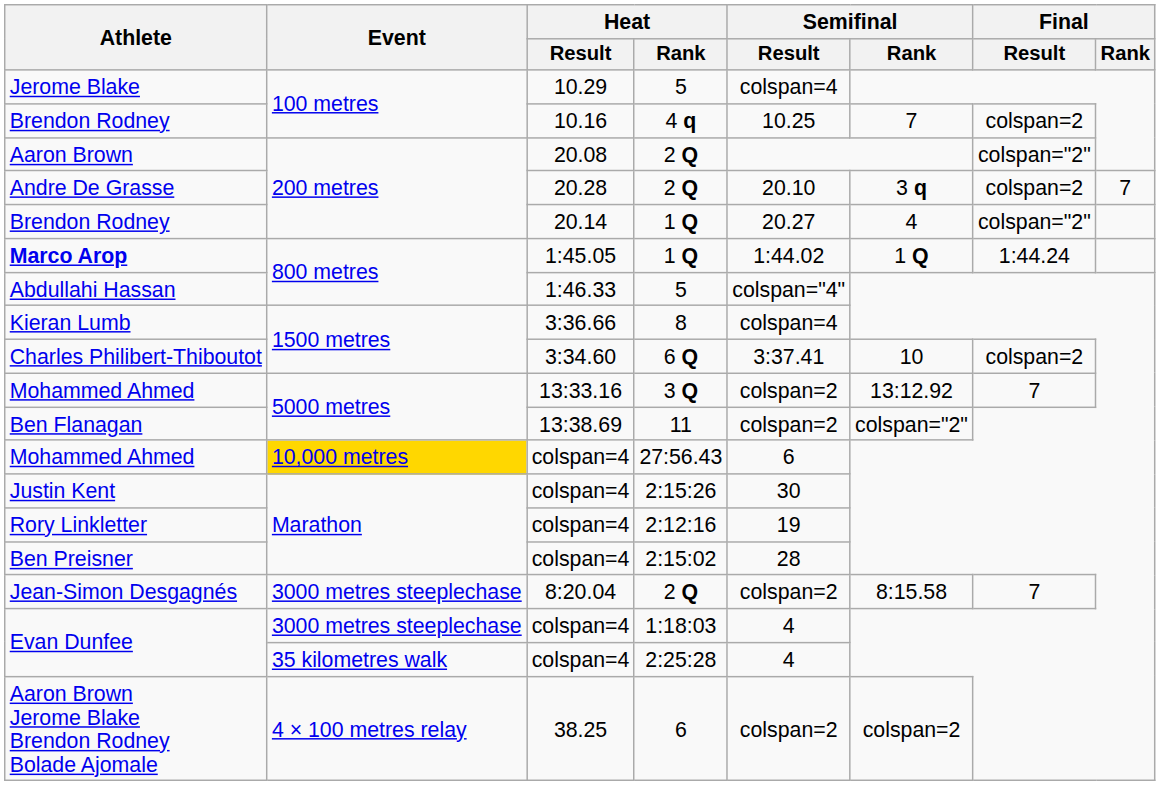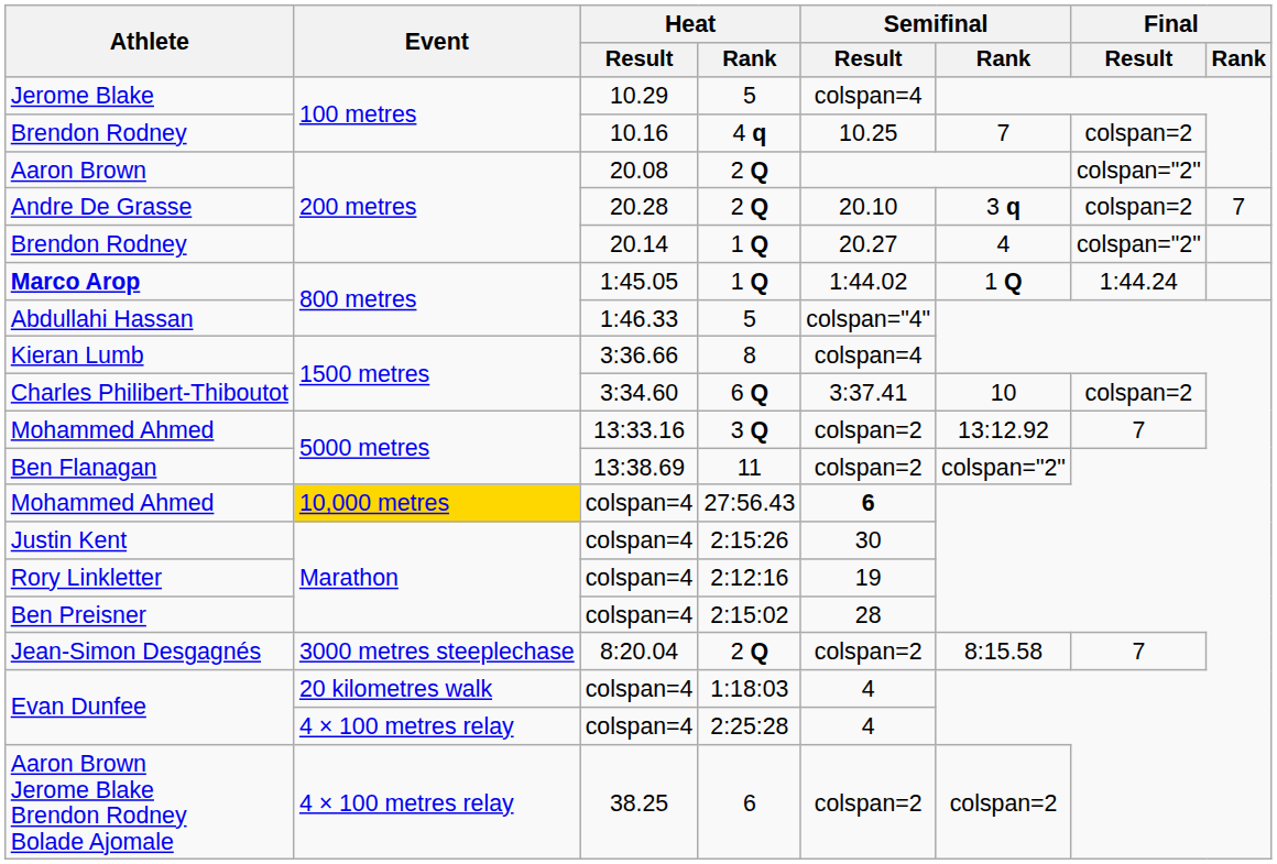 <table class="wikitable" style="font-size:90%">
 <tr>
 <th rowspan="2">Athlete</th>
 <th rowspan="2">Event</th>
 <th colspan="2">Heat</th>
 <th colspan="2">Semifinal</th>
 <th colspan="2">Final</th>
 </tr>
 <tr style="font-size:95%">
 <th>Result</th>
 <th>Rank</th>
 <th>Result</th>
 <th>Rank</th>
 <th>Result</th>
 <th>Rank</th>
 </tr>
 <tr align=center>
 <td align=left><a href='#'>Jerome Blake</a></td>
 <td align=left rowspan=2><a href='#'>100 metres</a></td>
 <td>10.29</td>
 <td>5</td>
 <td>colspan=4 </td>
 </tr>
 <tr align=center>
 <td align=left><a href='#'>Brendon Rodney</a></td>
 <td>10.16</td>
 <td>4 <strong>q</strong></td>
 <td>10.25</td>
 <td>7</td>
 <td>colspan=2 </td>
 </tr>
 <tr align=center>
 <td align=left><a href='#'>Aaron Brown</a></td>
 <td align=left rowspan=3><a href='#'>200 metres</a></td>
 <td>20.08</td>
 <td>2 <strong>Q</strong></td>
 <td colspan="2"></td>
 <td>colspan="2" </td>
 </tr>
 <tr align=center>
 <td align=left><a href='#'>Andre De Grasse</a></td>
 <td>20.28</td>
 <td>2 <strong>Q</strong></td>
 <td>20.10</td>
 <td>3 <strong>q</strong></td>
 <td>colspan=2 </td>
 <td>7</td>
 </tr>
 <tr align=center>
 <td align=left><a href='#'>Brendon Rodney</a></td>
 <td>20.14 </td>
 <td>1 <strong>Q</strong></td>
 <td>20.27</td>
 <td>4</td>
 <td>colspan="2" </td>
 </tr>
 <tr align=center>
 <td align=left><strong><a href='#'>Marco Arop</a></strong></td>
 <td align=left rowspan=2><a href='#'>800 metres</a></td>
 <td>1:45.05</td>
 <td>1 <strong>Q</strong></td>
 <td>1:44.02</td>
 <td>1 <strong>Q</strong></td>
 <td>1:44.24</td>
 <td></td>
 </tr>
 <tr align=center>
 <td align=left><a href='#'>Abdullahi Hassan</a></td>
 <td>1:46.33</td>
 <td>5</td>
 <td>colspan="4" </td>
 </tr>
 <tr align=center>
 <td align=left><a href='#'>Kieran Lumb</a></td>
 <td align=left rowspan=2><a href='#'>1500 metres</a></td>
 <td>3:36.66</td>
 <td>8</td>
 <td>colspan=4 </td>
 </tr>
 <tr align=center>
 <td align=left><a href='#'>Charles Philibert-Thiboutot</a></td>
 <td>3:34.60</td>
 <td>6 <strong>Q</strong></td>
 <td>3:37.41</td>
 <td>10</td>
 <td>colspan=2 </td>
 </tr>
 <tr align=center>
 <td align=left><a href='#'>Mohammed Ahmed</a></td>
 <td align=left rowspan=2><a href='#'>5000 metres</a></td>
 <td>13:33.16</td>
 <td>3 <strong>Q</strong></td>
 <td>colspan=2</td>
 <td>13:12.92</td>
 <td>7</td>
 </tr>
 <tr align=center>
 <td align=left><a href='#'>Ben Flanagan</a></td>
 <td>13:38.69</td>
 <td>11</td>
 <td>colspan=2</td>
 <td>colspan="2" </td>
 </tr>
 <tr align=center>
 <td align=left><a href='#'>Mohammed Ahmed</a></td>
 <td align=left style="background: gold;"><a href='#'>10,000 metres</a></td>
 <td>colspan=4</td>
 <td>27:56.43 </td>
-<td>6</td>
+<td><strong>6</strong></td>
 </tr>
 <tr align=center>
 <td align=left><a href='#'>Justin Kent</a></td>
 <td align=left rowspan=3><a href='#'>Marathon</a></td>
 <td>colspan=4</td>
 <td>2:15:26</td>
 <td>30</td>
 </tr>
 <tr align=center>
 <td align=left><a href='#'>Rory Linkletter</a></td>
 <td>colspan=4</td>
 <td>2:12:16 </td>
 <td>19</td>
 </tr>
 <tr align=center>
 <td align=left><a href='#'>Ben Preisner</a></td>
 <td>colspan=4</td>
 <td>2:15:02 </td>
 <td>28</td>
 </tr>
 <tr align=center>
 <td align=left><a href='#'>Jean-Simon Desgagnés</a></td>
 <td align=left><a href='#'>3000 metres steeplechase</a></td>
 <td>8:20.04</td>
 <td>2 <strong>Q</strong></td>
 <td>colspan=2</td>
 <td>8:15.58 </td>
 <td>7</td>
 </tr>
 <tr align=center>
 <td align=left rowspan=2><a href='#'>Evan Dunfee</a></td>
-<td align=left><a href='#'>3000 metres steeplechase</a></td>
+<td align=left><a href='#'>20 kilometres walk</a></td>
 <td>colspan=4</td>
 <td>1:18:03 <strong></strong></td>
 <td>4</td>
 </tr>
 <tr align=center>
-<td align=left><a href='#'>35 kilometres walk</a></td>
+<td align=left><a href='#'>4 × 100 metres relay</a></td>
 <td>colspan=4</td>
 <td>2:25:28 </td>
 <td>4</td>
 </tr>
 <tr align=center>
 <td align=left><a href='#'>Aaron Brown</a><br><a href='#'>Jerome Blake</a><br><a href='#'>Brendon Rodney</a><br><a href='#'>Bolade Ajomale</a></td>
 <td align=left><a href='#'>4 × 100 metres relay</a></td>
 <td>38.25</td>
 <td>6</td>
 <td>colspan=2</td>
 <td>colspan=2 </td>
 </tr>
 </table>
